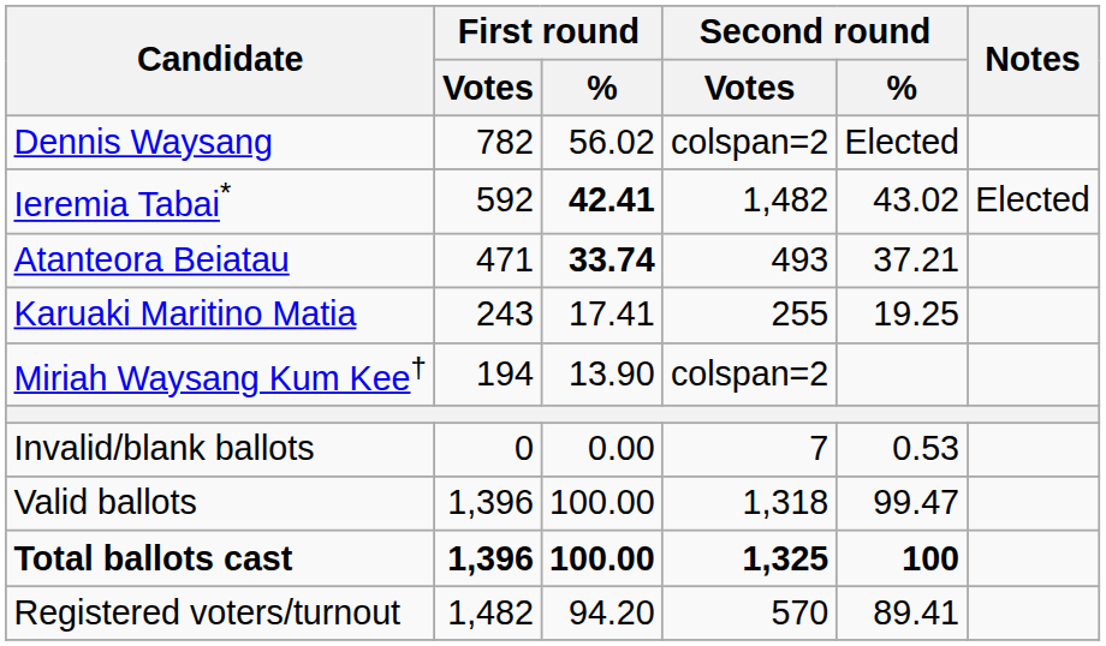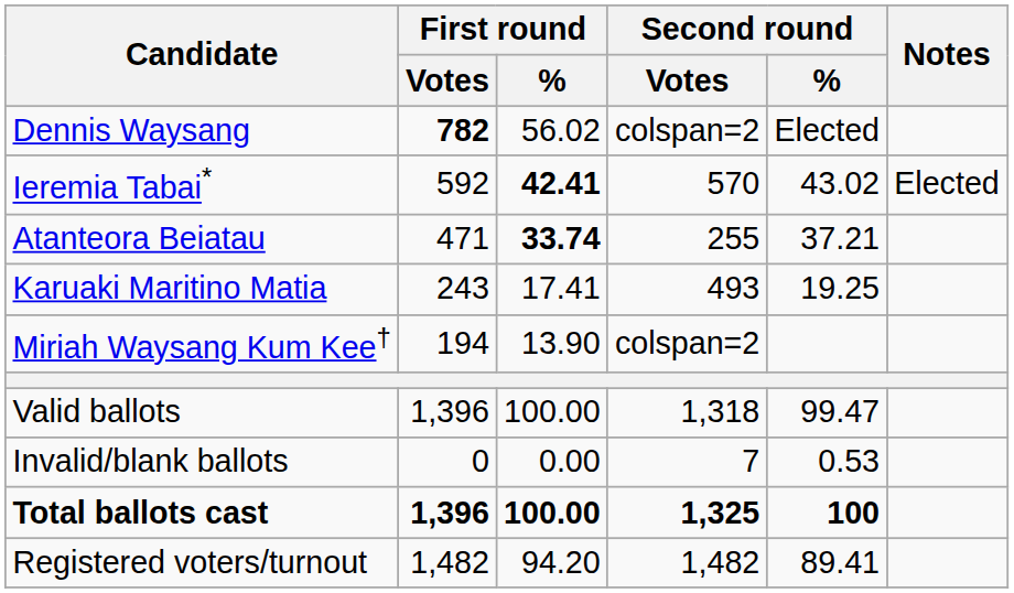 <table class=wikitable style=text-align:right>
 <tr>
 <th rowspan=2>Candidate</th>
 <th colspan=2>First round</th>
 <th colspan=2>Second round</th>
 <th rowspan=2>Notes</th>
 </tr>
 <tr>
 <th>Votes</th>
 <th>%</th>
 <th>Votes</th>
 <th>%</th>
 </tr>
 <tr>
 <td align=left><a href='#'>Dennis Waysang</a></td>
-<td>782</td>
+<td><strong>782</strong></td>
 <td>56.02</td>
 <td>colspan=2 </td>
 <td>Elected</td>
 </tr>
 <tr>
 <td align=left><a href='#'>Ieremia Tabai</a><sup>*</sup></td>
 <td>592</td>
 <td><strong>42.41</strong></td>
-<td>1,482</td>
+<td>570</td>
 <td>43.02</td>
 <td>Elected</td>
 </tr>
 <tr>
 <td align=left><a href='#'>Atanteora Beiatau</a></td>
 <td>471</td>
 <td><strong>33.74</strong></td>
-<td>493</td>
+<td>255</td>
 <td>37.21</td>
 <td></td>
 </tr>
 <tr>
 <td align=left><a href='#'>Karuaki Maritino Matia</a></td>
 <td>243</td>
 <td>17.41</td>
-<td>255</td>
+<td>493</td>
 <td>19.25</td>
 <td></td>
 </tr>
 <tr>
 <td align=left><a href='#'>Miriah Waysang Kum Kee</a><sup>†</sup></td>
 <td>194</td>
 <td>13.90</td>
 <td>colspan=2 </td>
 <td></td>
 </tr>
 <tr>
 <th colspan=6></th>
 </tr>
 <tr>
+<td align=left>Valid ballots</td>
+<td>1,396</td>
+<td>100.00</td>
+<td>1,318</td>
+<td>99.47</td>
+<td></td>
+</tr>
+<tr>
 <td align=left>Invalid/blank ballots</td>
 <td>0</td>
 <td>0.00</td>
 <td>7</td>
 <td>0.53</td>
-<td></td>
-</tr>
-<tr>
-<td align=left>Valid ballots</td>
-<td>1,396</td>
-<td>100.00</td>
-<td>1,318</td>
-<td>99.47</td>
 <td></td>
 </tr>
 <tr style="font-weight:bold">
 <td align=left>Total ballots cast</td>
 <td>1,396</td>
 <td>100.00</td>
 <td>1,325</td>
 <td>100</td>
 <td></td>
 </tr>
 <tr>
 <td align=left>Registered voters/turnout</td>
 <td>1,482</td>
 <td>94.20</td>
-<td>570</td>
+<td>1,482</td>
 <td>89.41</td>
 <td></td>
 </tr>
 </table>
